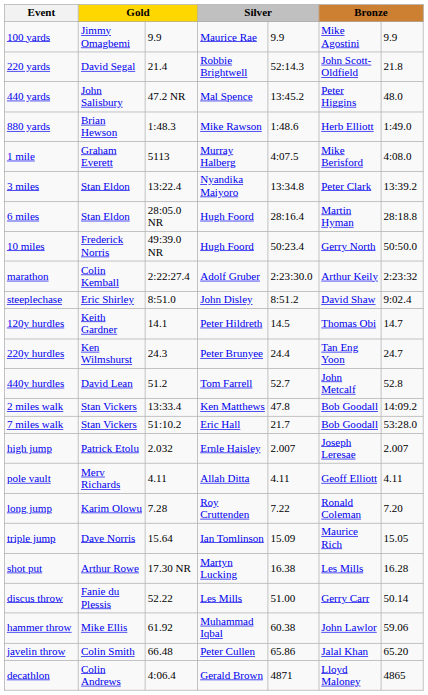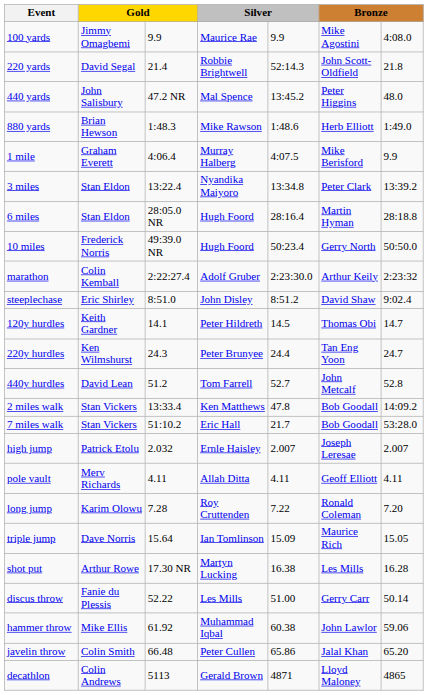 <table class="wikitable" style="text-align:left">
 <tr>
 <th width=100>Event</th>
 <th colspan="2" width="280" style="background:gold;">Gold</th>
 <th colspan="2" width="280" style="background:silver;">Silver</th>
 <th colspan="2" width="280" style="background:#CD7F32;">Bronze</th>
 </tr>
 <tr>
 <td><a href='#'>100 yards</a></td>
 <td> <a href='#'>Jimmy Omagbemi</a></td>
 <td>9.9</td>
 <td> <a href='#'>Maurice Rae</a></td>
 <td>9.9</td>
 <td> <a href='#'>Mike Agostini</a></td>
-<td>9.9</td>
+<td>4:08.0</td>
 </tr>
 <tr>
 <td><a href='#'>220 yards</a></td>
 <td><a href='#'>David Segal</a></td>
 <td>21.4</td>
 <td><a href='#'>Robbie Brightwell</a></td>
 <td>52:14.3</td>
 <td><a href='#'>John Scott-Oldfield</a></td>
 <td>21.8</td>
 </tr>
 <tr>
 <td><a href='#'>440 yards</a></td>
 <td><a href='#'>John Salisbury</a></td>
 <td>47.2 NR</td>
 <td> <a href='#'>Mal Spence</a></td>
 <td>13:45.2</td>
 <td><a href='#'>Peter Higgins</a></td>
 <td>48.0</td>
 </tr>
 <tr>
 <td><a href='#'>880 yards</a></td>
 <td><a href='#'>Brian Hewson</a></td>
 <td>1:48.3</td>
 <td><a href='#'>Mike Rawson</a></td>
 <td>1:48.6</td>
 <td> <a href='#'>Herb Elliott</a></td>
 <td>1:49.0</td>
 </tr>
 <tr>
 <td><a href='#'>1 mile</a></td>
 <td> <a href='#'>Graham Everett</a></td>
-<td>5113</td>
+<td>4:06.4</td>
 <td> <a href='#'>Murray Halberg</a></td>
 <td>4:07.5</td>
 <td> <a href='#'>Mike Berisford</a></td>
-<td>4:08.0</td>
+<td>9.9</td>
 </tr>
 <tr>
 <td><a href='#'>3 miles</a></td>
 <td><a href='#'>Stan Eldon</a></td>
 <td>13:22.4</td>
 <td> <a href='#'>Nyandika Maiyoro</a></td>
 <td>13:34.8</td>
 <td><a href='#'>Peter Clark</a></td>
 <td>13:39.2</td>
 </tr>
 <tr>
 <td><a href='#'>6 miles</a></td>
 <td><a href='#'>Stan Eldon</a></td>
 <td>28:05.0 NR</td>
 <td><a href='#'>Hugh Foord</a></td>
 <td>28:16.4</td>
 <td><a href='#'>Martin Hyman</a></td>
 <td>28:18.8</td>
 </tr>
 <tr>
 <td><a href='#'>10 miles</a></td>
 <td><a href='#'>Frederick Norris</a></td>
 <td>49:39.0 NR</td>
 <td><a href='#'>Hugh Foord</a></td>
 <td>50:23.4</td>
 <td><a href='#'>Gerry North</a></td>
 <td>50:50.0</td>
 </tr>
 <tr>
 <td><a href='#'>marathon</a></td>
 <td><a href='#'>Colin Kemball</a></td>
 <td>2:22:27.4</td>
 <td> <a href='#'>Adolf Gruber</a></td>
 <td>2:23:30.0</td>
 <td><a href='#'>Arthur Keily</a></td>
 <td>2:23:32</td>
 </tr>
 <tr>
 <td><a href='#'>steeplechase</a></td>
 <td><a href='#'>Eric Shirley</a></td>
 <td>8:51.0</td>
 <td> <a href='#'>John Disley</a></td>
 <td>8:51.2</td>
 <td> <a href='#'>David Shaw</a></td>
 <td>9:02.4</td>
 </tr>
 <tr>
 <td><a href='#'>120y hurdles</a></td>
 <td> <a href='#'>Keith Gardner</a></td>
 <td>14.1</td>
 <td><a href='#'>Peter Hildreth</a></td>
 <td>14.5</td>
 <td> <a href='#'>Thomas Obi</a></td>
 <td>14.7</td>
 </tr>
 <tr>
 <td><a href='#'>220y hurdles</a></td>
 <td><a href='#'>Ken Wilmshurst</a></td>
 <td>24.3</td>
 <td><a href='#'>Peter Brunyee</a></td>
 <td>24.4</td>
 <td> <a href='#'>Tan Eng Yoon</a></td>
 <td>24.7</td>
 </tr>
 <tr>
 <td><a href='#'>440y hurdles</a></td>
 <td> <a href='#'>David Lean</a></td>
 <td>51.2</td>
 <td><a href='#'>Tom Farrell</a></td>
 <td>52.7</td>
 <td><a href='#'>John Metcalf</a></td>
 <td>52.8</td>
 </tr>
 <tr>
 <td><a href='#'>2 miles walk</a></td>
 <td><a href='#'>Stan Vickers</a></td>
 <td>13:33.4</td>
 <td><a href='#'>Ken Matthews</a></td>
 <td>47.8</td>
 <td><a href='#'>Bob Goodall</a></td>
 <td>14:09.2</td>
 </tr>
 <tr>
 <td><a href='#'>7 miles walk</a></td>
 <td><a href='#'>Stan Vickers</a></td>
 <td>51:10.2</td>
 <td><a href='#'>Eric Hall</a></td>
 <td>21.7</td>
 <td><a href='#'>Bob Goodall</a></td>
 <td>53:28.0</td>
 </tr>
 <tr>
 <td><a href='#'>high jump</a></td>
 <td> <a href='#'>Patrick Etolu</a></td>
 <td>2.032</td>
 <td> <a href='#'>Ernle Haisley</a></td>
 <td>2.007</td>
 <td> <a href='#'>Joseph Leresae</a></td>
 <td>2.007</td>
 </tr>
 <tr>
 <td><a href='#'>pole vault</a></td>
 <td> <a href='#'>Merv Richards</a></td>
 <td>4.11</td>
 <td> <a href='#'>Allah Ditta</a></td>
 <td>4.11</td>
 <td><a href='#'>Geoff Elliott</a></td>
 <td>4.11</td>
 </tr>
 <tr>
 <td><a href='#'>long jump</a></td>
 <td> <a href='#'>Karim Olowu</a></td>
 <td>7.28</td>
 <td><a href='#'>Roy Cruttenden</a></td>
 <td>7.22</td>
 <td><a href='#'>Ronald Coleman</a></td>
 <td>7.20</td>
 </tr>
 <tr>
 <td><a href='#'>triple jump</a></td>
 <td> <a href='#'>Dave Norris</a></td>
 <td>15.64</td>
 <td> <a href='#'>Ian Tomlinson</a></td>
 <td>15.09</td>
 <td> <a href='#'>Maurice Rich</a></td>
 <td>15.05</td>
 </tr>
 <tr>
 <td><a href='#'>shot put</a></td>
 <td><a href='#'>Arthur Rowe</a></td>
 <td>17.30 NR</td>
 <td><a href='#'>Martyn Lucking</a></td>
 <td>16.38</td>
 <td> <a href='#'>Les Mills</a></td>
 <td>16.28</td>
 </tr>
 <tr>
 <td><a href='#'>discus throw</a></td>
 <td> <a href='#'>Fanie du Plessis</a></td>
 <td>52.22</td>
 <td> <a href='#'>Les Mills</a></td>
 <td>51.00</td>
 <td><a href='#'>Gerry Carr</a></td>
 <td>50.14</td>
 </tr>
 <tr>
 <td><a href='#'>hammer throw</a></td>
 <td><a href='#'>Mike Ellis</a></td>
 <td>61.92</td>
 <td> <a href='#'>Muhammad Iqbal</a></td>
 <td>60.38</td>
 <td> <a href='#'>John Lawlor</a></td>
 <td>59.06</td>
 </tr>
 <tr>
 <td><a href='#'>javelin throw</a></td>
 <td><a href='#'>Colin Smith</a></td>
 <td>66.48</td>
 <td><a href='#'>Peter Cullen</a></td>
 <td>65.86</td>
 <td> <a href='#'>Jalal Khan</a></td>
 <td>65.20</td>
 </tr>
 <tr>
 <td><a href='#'>decathlon</a></td>
 <td><a href='#'>Colin Andrews</a></td>
-<td>4:06.4</td>
+<td>5113</td>
 <td> <a href='#'>Gerald Brown</a></td>
 <td>4871</td>
 <td> <a href='#'>Lloyd Maloney</a></td>
 <td>4865</td>
 </tr>
 </table>
